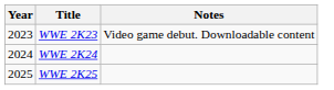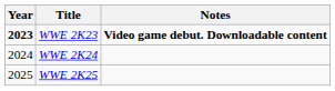 <table class="wikitable sortable">
 <tr>
 <th>Year</th>
 <th>Title</th>
 <th>Notes</th>
 </tr>
 <tr>
-<td>2023</td>
+<td><strong>2023</strong></td>
 <td><em><a href='#'>WWE 2K23</a></em></td>
-<td>Video game debut. Downloadable content</td>
+<td><strong>Video game debut. Downloadable content</strong></td>
 </tr>
 <tr>
 <td>2024</td>
 <td><em><a href='#'>WWE 2K24</a></em></td>
 </tr>
 <tr>
 <td>2025</td>
 <td><em><a href='#'>WWE 2K25</a></em></td>
 <td></td>
 </tr>
 </table>
